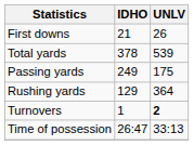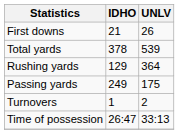 <table class="wikitable" style="float: left;">
 <tr>
 <th>Statistics</th>
 <th>IDHO</th>
 <th>UNLV</th>
 </tr>
 <tr>
 <td>First downs</td>
 <td>21</td>
 <td>26</td>
 </tr>
 <tr>
 <td>Total yards</td>
 <td>378</td>
 <td>539</td>
 </tr>
 <tr>
+<td>Rushing yards</td>
+<td>129</td>
+<td>364</td>
+</tr>
+<tr>
 <td>Passing yards</td>
 <td>249</td>
 <td>175</td>
 </tr>
 <tr>
-<td>Rushing yards</td>
-<td>129</td>
-<td>364</td>
-</tr>
-<tr>
 <td>Turnovers</td>
 <td>1</td>
-<td><strong>2</strong></td>
+<td>2</td>
 </tr>
 <tr>
 <td>Time of possession</td>
 <td>26:47</td>
 <td>33:13</td>
 </tr>
 <tr>
 </tr>
 </table>
